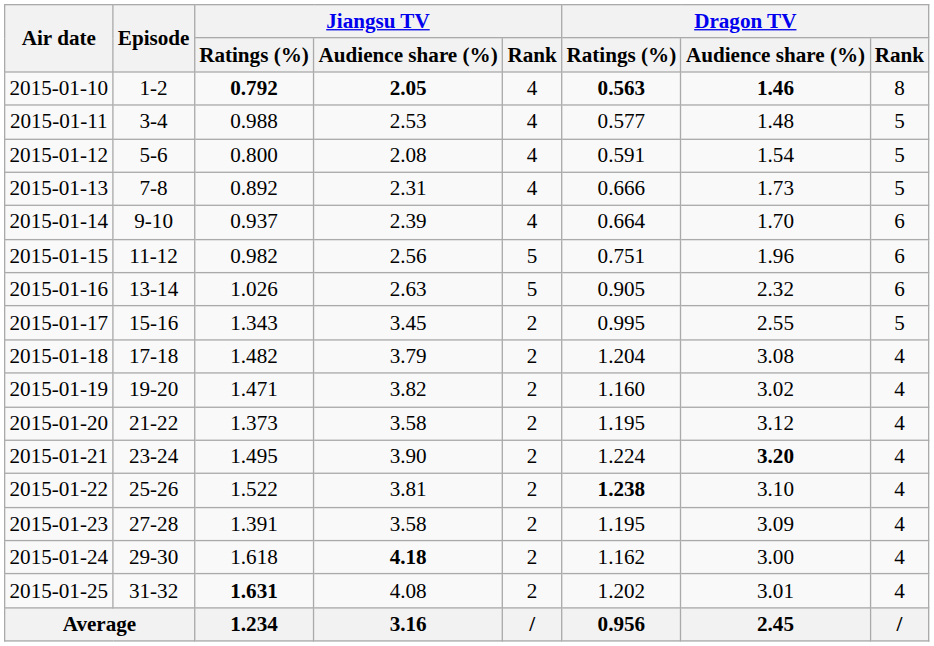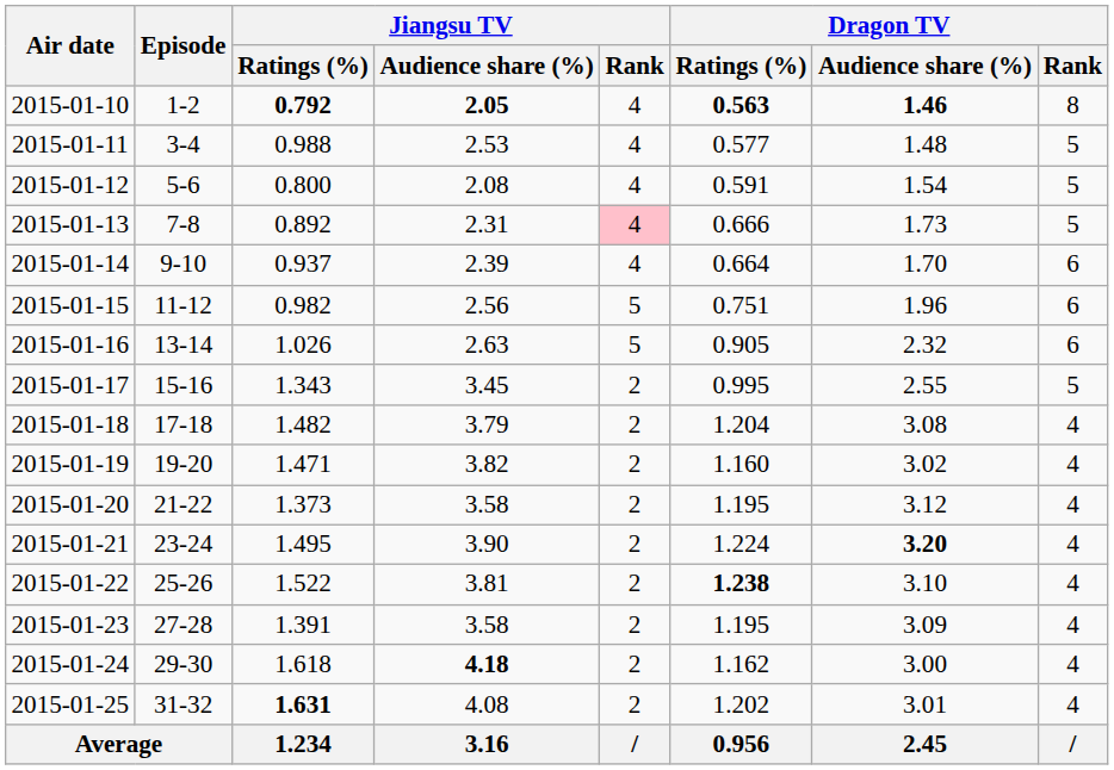 <table class="wikitable sortable mw-collapsible jquery-tablesorter" style="text-align:center">
 <tr>
 <th rowspan="2">Air date</th>
 <th rowspan="2">Episode</th>
 <th colspan="3"><a href='#'>Jiangsu TV</a></th>
 <th colspan="3"><a href='#'>Dragon TV</a></th>
 </tr>
 <tr>
 <th>Ratings (%)</th>
 <th>Audience share (%)</th>
 <th>Rank</th>
 <th>Ratings (%)</th>
 <th>Audience share (%)</th>
 <th>Rank</th>
 </tr>
 <tr>
 <td>2015-01-10</td>
 <td>1-2</td>
 <td><strong><span>0.792</span></strong></td>
 <td><strong><span>2.05</span></strong></td>
 <td>4</td>
 <td><strong><span>0.563</span></strong></td>
 <td><strong><span>1.46</span></strong></td>
 <td>8</td>
 </tr>
 <tr>
 <td>2015-01-11</td>
 <td>3-4</td>
 <td>0.988</td>
 <td>2.53</td>
 <td>4</td>
 <td>0.577</td>
 <td>1.48</td>
 <td>5</td>
 </tr>
 <tr>
 <td>2015-01-12</td>
 <td>5-6</td>
 <td>0.800</td>
 <td>2.08</td>
 <td>4</td>
 <td>0.591</td>
 <td>1.54</td>
 <td>5</td>
 </tr>
 <tr>
 <td>2015-01-13</td>
 <td>7-8</td>
 <td>0.892</td>
 <td>2.31</td>
-<td>4</td>
+<td style="background: pink;">4</td>
 <td>0.666</td>
 <td>1.73</td>
 <td>5</td>
 </tr>
 <tr>
 <td>2015-01-14</td>
 <td>9-10</td>
 <td>0.937</td>
 <td>2.39</td>
 <td>4</td>
 <td>0.664</td>
 <td>1.70</td>
 <td>6</td>
 </tr>
 <tr>
 <td>2015-01-15</td>
 <td>11-12</td>
 <td>0.982</td>
 <td>2.56</td>
 <td>5</td>
 <td>0.751</td>
 <td>1.96</td>
 <td>6</td>
 </tr>
 <tr>
 <td>2015-01-16</td>
 <td>13-14</td>
 <td>1.026</td>
 <td>2.63</td>
 <td>5</td>
 <td>0.905</td>
 <td>2.32</td>
 <td>6</td>
 </tr>
 <tr>
 <td>2015-01-17</td>
 <td>15-16</td>
 <td>1.343</td>
 <td>3.45</td>
 <td>2</td>
 <td>0.995</td>
 <td>2.55</td>
 <td>5</td>
 </tr>
 <tr>
 <td>2015-01-18</td>
 <td>17-18</td>
 <td>1.482</td>
 <td>3.79</td>
 <td>2</td>
 <td>1.204</td>
 <td>3.08</td>
 <td>4</td>
 </tr>
 <tr>
 <td>2015-01-19</td>
 <td>19-20</td>
 <td>1.471</td>
 <td>3.82</td>
 <td>2</td>
 <td>1.160</td>
 <td>3.02</td>
 <td>4</td>
 </tr>
 <tr>
 <td>2015-01-20</td>
 <td>21-22</td>
 <td>1.373</td>
 <td>3.58</td>
 <td>2</td>
 <td>1.195</td>
 <td>3.12</td>
 <td>4</td>
 </tr>
 <tr>
 <td>2015-01-21</td>
 <td>23-24</td>
 <td>1.495</td>
 <td>3.90</td>
 <td>2</td>
 <td>1.224</td>
 <td><strong><span>3.20</span></strong></td>
 <td>4</td>
 </tr>
 <tr>
 <td>2015-01-22</td>
 <td>25-26</td>
 <td>1.522</td>
 <td>3.81</td>
 <td>2</td>
 <td><strong><span>1.238</span></strong></td>
 <td>3.10</td>
 <td>4</td>
 </tr>
 <tr>
 <td>2015-01-23</td>
 <td>27-28</td>
 <td>1.391</td>
 <td>3.58</td>
 <td>2</td>
 <td>1.195</td>
 <td>3.09</td>
 <td>4</td>
 </tr>
 <tr>
 <td>2015-01-24</td>
 <td>29-30</td>
 <td>1.618</td>
 <td><strong><span>4.18</span></strong></td>
 <td>2</td>
 <td>1.162</td>
 <td>3.00</td>
 <td>4</td>
 </tr>
 <tr>
 <td>2015-01-25</td>
 <td>31-32</td>
 <td><strong><span>1.631</span></strong></td>
 <td>4.08</td>
 <td>2</td>
 <td>1.202</td>
 <td>3.01</td>
 <td>4</td>
 </tr>
 <tr>
 <th colspan="2">Average</th>
 <th>1.234</th>
 <th>3.16</th>
 <th>/</th>
 <th>0.956</th>
 <th>2.45</th>
 <th>/</th>
 </tr>
 </table>
